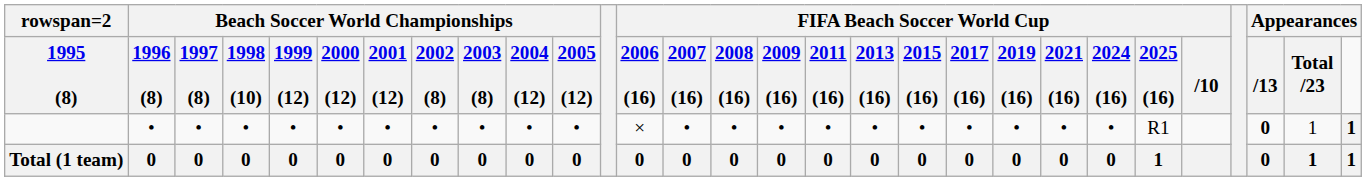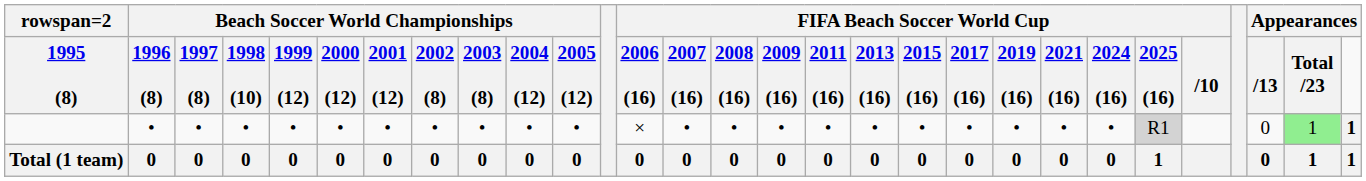 <table class="wikitable" style="text-align: center; font-size: 90%;">
 <tr>
 <th>rowspan=2 </th>
 <th colspan=10>Beach Soccer World Championships</th>
 <th width=5 rowspan=52></th>
 <th colspan=13>FIFA Beach Soccer World Cup</th>
 <th width=5 rowspan=52></th>
 <th colspan=3>Appearances</th>
 </tr>
 <tr>
 <th><a href='#'>1995</a><br><br>(8)</th>
 <th><a href='#'>1996</a><br><br>(8)</th>
 <th><a href='#'>1997</a><br><br>(8)</th>
 <th><a href='#'>1998</a><br><br>(10)</th>
 <th><a href='#'>1999</a><br><br>(12)</th>
 <th><a href='#'>2000</a><br><br>(12)</th>
 <th><a href='#'>2001</a><br><br>(12)</th>
 <th><a href='#'>2002</a><br><br>(8)</th>
 <th><a href='#'>2003</a><br><br>(8)</th>
 <th><a href='#'>2004</a><br><br>(12)</th>
 <th><a href='#'>2005</a><br><br>(12)</th>
 <th><a href='#'>2006</a><br><br>(16)</th>
 <th><a href='#'>2007</a><br><br>(16)</th>
 <th><a href='#'>2008</a><br><br>(16)</th>
 <th><a href='#'>2009</a><br><br>(16)</th>
 <th><a href='#'>2011</a><br><br>(16)</th>
 <th><a href='#'>2013</a><br><br>(16)</th>
 <th><a href='#'>2015</a><br><br>(16)</th>
 <th><a href='#'>2017</a><br><br>(16)</th>
 <th><a href='#'>2019</a><br><br>(16)</th>
 <th><a href='#'>2021</a><br><br>(16)</th>
 <th><a href='#'>2024</a><br><br>(16)</th>
 <th><a href='#'>2025</a><br><br>(16)</th>
 <th width=30><br>/10</th>
 <th><br>/13</th>
 <th>Total<br>/23</th>
 </tr>
 <tr>
 <td align=left></td>
 <td>•</td>
 <td>•</td>
 <td>•</td>
 <td>•</td>
 <td>•</td>
 <td>•</td>
 <td>•</td>
 <td>•</td>
 <td>•</td>
 <td>•</td>
 <td>×</td>
 <td>•</td>
 <td>•</td>
 <td>•</td>
 <td>•</td>
 <td>•</td>
 <td>•</td>
 <td>•</td>
 <td>•</td>
 <td>•</td>
 <td>•</td>
-<td>R1<br></td>
+<td style="background: lightgrey;">R1<br></td>
 <td></td>
-<td><strong>0</strong></td>
-<td>1</td>
+<td>0</td>
+<td style="background: lightgreen;">1</td>
 <th>1</th>
 </tr>
 <tr>
 <th>Total (1 team)</th>
 <th>0</th>
 <th>0</th>
 <th>0</th>
 <th>0</th>
 <th>0</th>
 <th>0</th>
 <th>0</th>
 <th>0</th>
 <th>0</th>
 <th>0</th>
 <th>0</th>
 <th>0</th>
 <th>0</th>
 <th>0</th>
 <th>0</th>
 <th>0</th>
 <th>0</th>
 <th>0</th>
 <th>0</th>
 <th>0</th>
 <th>0</th>
 <th>1</th>
 <th></th>
 <th>0</th>
 <th>1</th>
 <th>1</th>
 </tr>
 </table>
